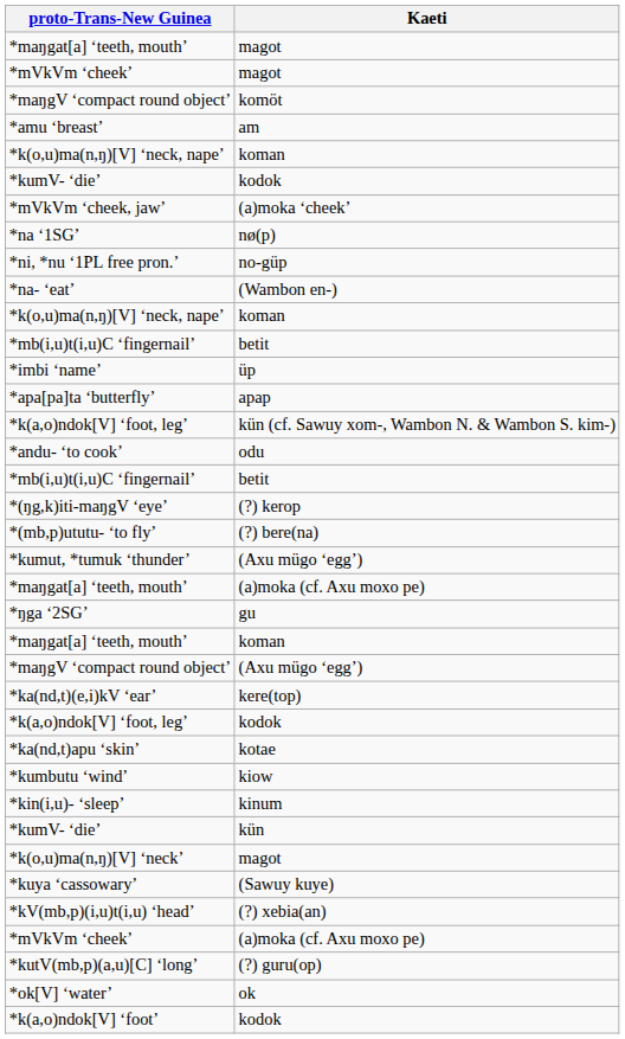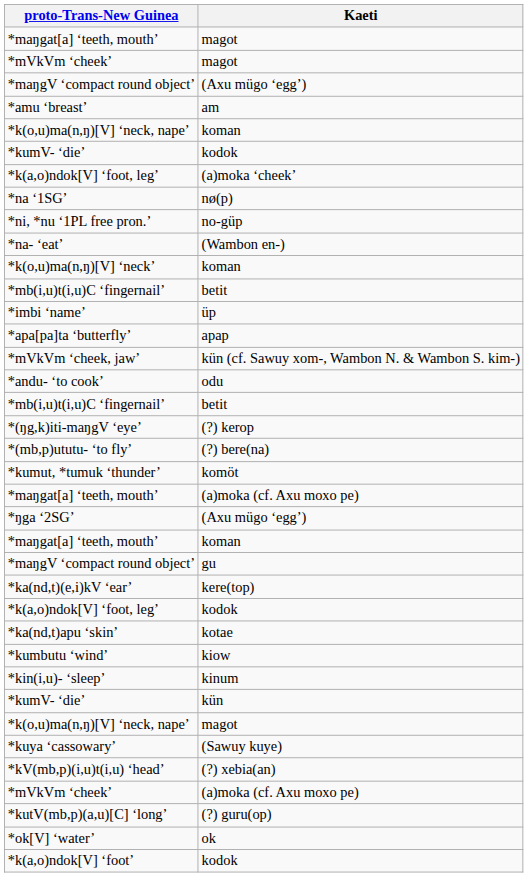 <table class="wikitable sortable">
 <tr>
 <th><a href='#'>proto-Trans-New Guinea</a></th>
 <th>Kaeti</th>
 </tr>
 <tr>
 <td>*maŋgat[a] ‘teeth, mouth’</td>
 <td>magot</td>
 </tr>
 <tr>
 <td>*mVkVm ‘cheek’</td>
 <td>magot</td>
 </tr>
 <tr>
 <td>*maŋgV ‘compact round object’</td>
-<td>komöt</td>
+<td>(Axu mügo ‘egg’)</td>
 </tr>
 <tr>
 <td>*amu ‘breast’</td>
 <td>am</td>
 </tr>
 <tr>
 <td>*k(o,u)ma(n,ŋ)[V] ‘neck, nape’</td>
 <td>koman</td>
 </tr>
 <tr>
 <td>*kumV- ‘die’</td>
 <td>kodok</td>
 </tr>
 <tr>
-<td>*mVkVm ‘cheek, jaw’</td>
+<td>*k(a,o)ndok[V] ‘foot, leg’</td>
 <td>(a)moka ‘cheek’</td>
 </tr>
 <tr>
 <td>*na ‘1SG’</td>
 <td>nø(p)</td>
 </tr>
 <tr>
 <td>*ni, *nu ‘1PL free pron.’</td>
 <td>no-güp</td>
 </tr>
 <tr>
 <td>*na- ‘eat’</td>
 <td>(Wambon en-)</td>
 </tr>
 <tr>
-<td>*k(o,u)ma(n,ŋ)[V] ‘neck, nape’</td>
+<td>*k(o,u)ma(n,ŋ)[V] ‘neck’</td>
 <td>koman</td>
 </tr>
 <tr>
 <td>*mb(i,u)t(i,u)C ‘fingernail’</td>
 <td>betit</td>
 </tr>
 <tr>
 <td>*imbi ‘name’</td>
 <td>üp</td>
 </tr>
 <tr>
 <td>*apa[pa]ta ‘butterfly’</td>
 <td>apap</td>
 </tr>
 <tr>
-<td>*k(a,o)ndok[V] ‘foot, leg’</td>
+<td>*mVkVm ‘cheek, jaw’</td>
 <td>kün (cf. Sawuy xom-, Wambon N. & Wambon S. kim-)</td>
 </tr>
 <tr>
 <td>*andu- ‘to cook’</td>
 <td>odu</td>
 </tr>
 <tr>
 <td>*mb(i,u)t(i,u)C ‘fingernail’</td>
 <td>betit</td>
 </tr>
 <tr>
 <td>*(ŋg,k)iti-maŋgV ‘eye’</td>
 <td>(?) kerop</td>
 </tr>
 <tr>
 <td>*(mb,p)ututu- ‘to fly’</td>
 <td>(?) bere(na)</td>
 </tr>
 <tr>
 <td>*kumut, *tumuk ‘thunder’</td>
-<td>(Axu mügo ‘egg’)</td>
+<td>komöt</td>
 </tr>
 <tr>
 <td>*maŋgat[a] ‘teeth, mouth’</td>
 <td>(a)moka (cf. Axu moxo pe)</td>
 </tr>
 <tr>
 <td>*ŋga ‘2SG’</td>
-<td>gu</td>
+<td>(Axu mügo ‘egg’)</td>
 </tr>
 <tr>
 <td>*maŋgat[a] ‘teeth, mouth’</td>
 <td>koman</td>
 </tr>
 <tr>
 <td>*maŋgV ‘compact round object’</td>
-<td>(Axu mügo ‘egg’)</td>
+<td>gu</td>
 </tr>
 <tr>
 <td>*ka(nd,t)(e,i)kV ‘ear’</td>
 <td>kere(top)</td>
 </tr>
 <tr>
 <td>*k(a,o)ndok[V] ‘foot, leg’</td>
 <td>kodok</td>
 </tr>
 <tr>
 <td>*ka(nd,t)apu ‘skin’</td>
 <td>kotae</td>
 </tr>
 <tr>
 <td>*kumbutu ‘wind’</td>
 <td>kiow</td>
 </tr>
 <tr>
 <td>*kin(i,u)- ‘sleep’</td>
 <td>kinum</td>
 </tr>
 <tr>
 <td>*kumV- ‘die’</td>
 <td>kün</td>
 </tr>
 <tr>
-<td>*k(o,u)ma(n,ŋ)[V] ‘neck’</td>
+<td>*k(o,u)ma(n,ŋ)[V] ‘neck, nape’</td>
 <td>magot</td>
 </tr>
 <tr>
 <td>*kuya ‘cassowary’</td>
 <td>(Sawuy kuye)</td>
 </tr>
 <tr>
 <td>*kV(mb,p)(i,u)t(i,u) ‘head’</td>
 <td>(?) xebia(an)</td>
 </tr>
 <tr>
 <td>*mVkVm ‘cheek’</td>
 <td>(a)moka (cf. Axu moxo pe)</td>
 </tr>
 <tr>
 <td>*kutV(mb,p)(a,u)[C] ‘long’</td>
 <td>(?) guru(op)</td>
 </tr>
 <tr>
 <td>*ok[V] ‘water’</td>
 <td>ok</td>
 </tr>
 <tr>
 <td>*k(a,o)ndok[V] ‘foot’</td>
 <td>kodok</td>
 </tr>
 </table>
